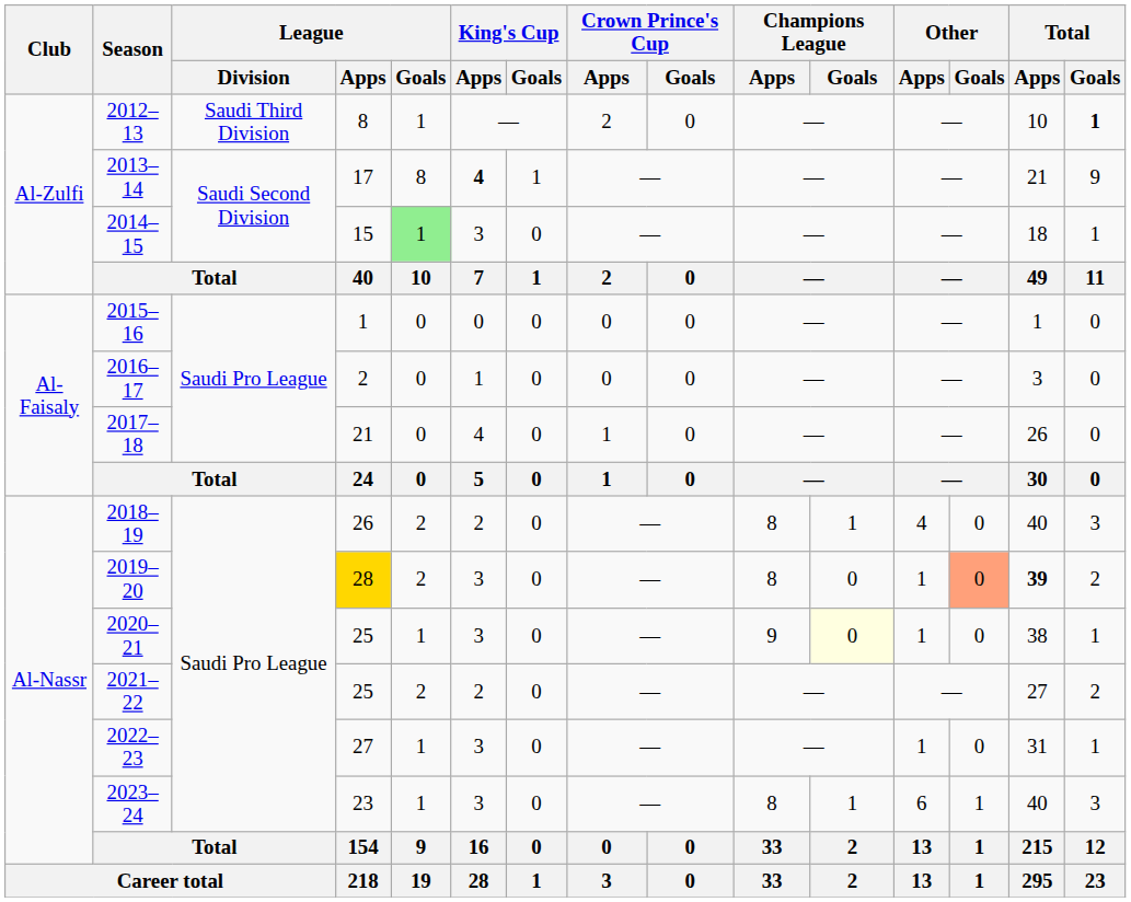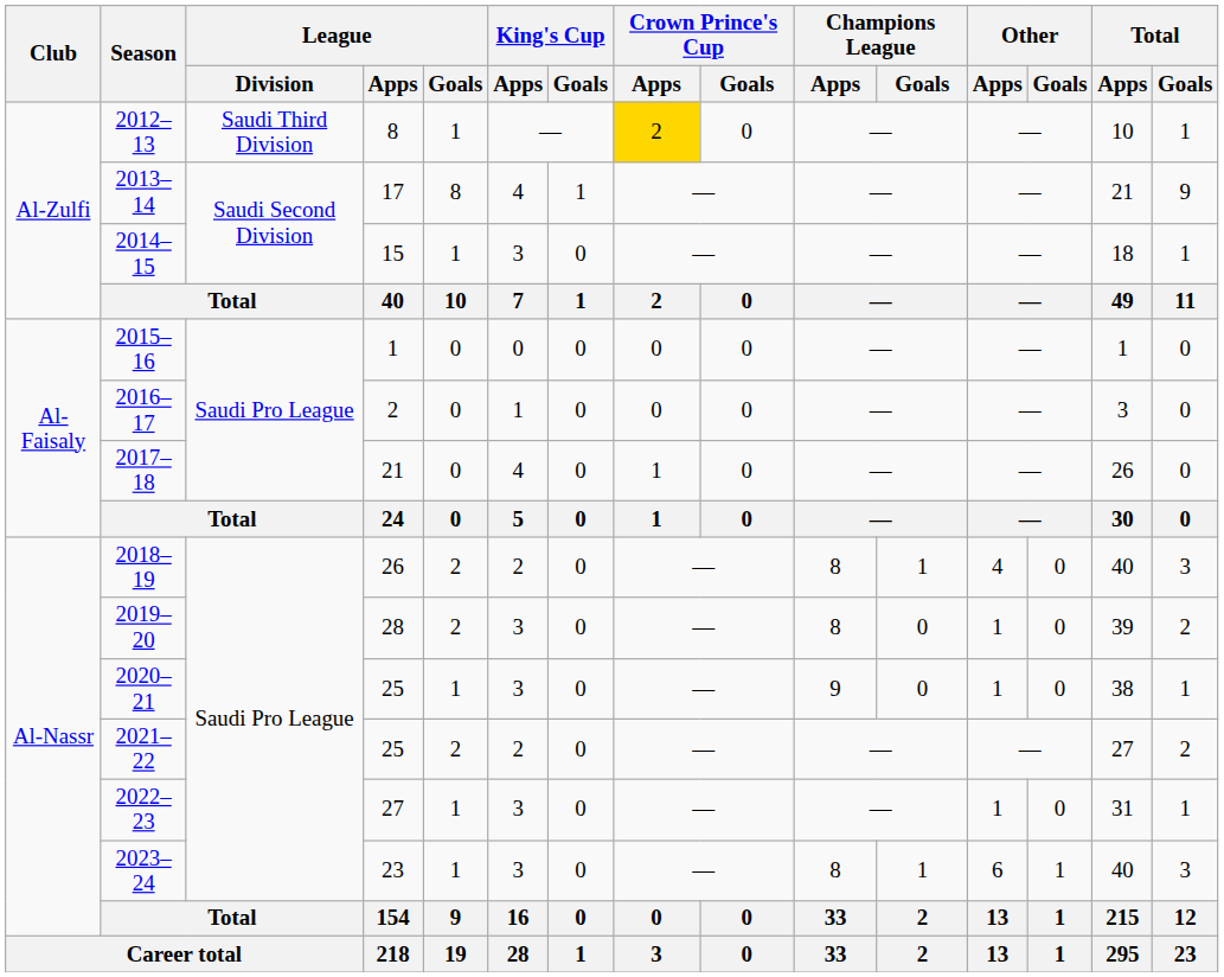 <table class=wikitable style="text-align: center;">
 <tr>
 <th rowspan=2>Club</th>
 <th rowspan=2>Season</th>
 <th colspan=3>League</th>
 <th colspan=2><a href='#'>King's Cup</a></th>
 <th colspan=2><a href='#'>Crown Prince's Cup</a></th>
 <th colspan=2>Champions League</th>
 <th colspan=2>Other</th>
 <th colspan=2>Total</th>
 </tr>
 <tr>
 <th>Division</th>
 <th>Apps</th>
 <th>Goals</th>
 <th>Apps</th>
 <th>Goals</th>
 <th>Apps</th>
 <th>Goals</th>
 <th>Apps</th>
 <th>Goals</th>
 <th>Apps</th>
 <th>Goals</th>
 <th>Apps</th>
 <th>Goals</th>
 </tr>
 <tr>
 <td rowspan=4><a href='#'>Al-Zulfi</a></td>
 <td><a href='#'>2012–13</a></td>
 <td><a href='#'>Saudi Third Division</a></td>
 <td>8</td>
 <td>1</td>
 <td colspan=2>—</td>
-<td>2</td>
+<td style="background: gold;">2</td>
 <td>0</td>
 <td colspan=2>—</td>
 <td colspan=2>—</td>
 <td>10</td>
-<td><strong>1</strong></td>
+<td>1</td>
 </tr>
 <tr>
 <td><a href='#'>2013–14</a></td>
 <td rowspan=2><a href='#'>Saudi Second Division</a></td>
 <td>17</td>
 <td>8</td>
-<td><strong>4</strong></td>
+<td>4</td>
 <td>1</td>
 <td colspan=2>—</td>
 <td colspan=2>—</td>
 <td colspan=2>—</td>
 <td>21</td>
 <td>9</td>
 </tr>
 <tr>
 <td><a href='#'>2014–15</a></td>
 <td>15</td>
-<td style="background: lightgreen;">1</td>
+<td>1</td>
 <td>3</td>
 <td>0</td>
 <td colspan=2>—</td>
 <td colspan=2>—</td>
 <td colspan=2>—</td>
 <td>18</td>
 <td>1</td>
 </tr>
 <tr>
 <th colspan=2>Total</th>
 <th>40</th>
 <th>10</th>
 <th>7</th>
 <th>1</th>
 <th>2</th>
 <th>0</th>
 <th colspan=2>—</th>
 <th colspan=2>—</th>
 <th>49</th>
 <th>11</th>
 </tr>
 <tr>
 <td rowspan=4><a href='#'>Al-Faisaly</a></td>
 <td><a href='#'>2015–16</a></td>
 <td rowspan=3><a href='#'>Saudi Pro League</a></td>
 <td>1</td>
 <td>0</td>
 <td>0</td>
 <td>0</td>
 <td>0</td>
 <td>0</td>
 <td colspan=2>—</td>
 <td colspan=2>—</td>
 <td>1</td>
 <td>0</td>
 </tr>
 <tr>
 <td><a href='#'>2016–17</a></td>
 <td>2</td>
 <td>0</td>
 <td>1</td>
 <td>0</td>
 <td>0</td>
 <td>0</td>
 <td colspan=2>—</td>
 <td colspan=2>—</td>
 <td>3</td>
 <td>0</td>
 </tr>
 <tr>
 <td><a href='#'>2017–18</a></td>
 <td>21</td>
 <td>0</td>
 <td>4</td>
 <td>0</td>
 <td>1</td>
 <td>0</td>
 <td colspan=2>—</td>
 <td colspan=2>—</td>
 <td>26</td>
 <td>0</td>
 </tr>
 <tr>
 <th colspan=2>Total</th>
 <th>24</th>
 <th>0</th>
 <th>5</th>
 <th>0</th>
 <th>1</th>
 <th>0</th>
 <th colspan=2>—</th>
 <th colspan=2>—</th>
 <th>30</th>
 <th>0</th>
 </tr>
 <tr>
 <td rowspan=7><a href='#'>Al-Nassr</a></td>
 <td><a href='#'>2018–19</a></td>
 <td rowspan=6>Saudi Pro League</td>
 <td>26</td>
 <td>2</td>
 <td>2</td>
 <td>0</td>
 <td colspan=2>—</td>
 <td>8</td>
 <td>1</td>
 <td>4</td>
 <td>0</td>
 <td>40</td>
 <td>3</td>
 </tr>
 <tr>
 <td><a href='#'>2019–20</a></td>
-<td style="background: gold;">28</td>
+<td>28</td>
 <td>2</td>
 <td>3</td>
 <td>0</td>
 <td colspan=2>—</td>
 <td>8</td>
 <td>0</td>
 <td>1</td>
-<td style="background: lightsalmon;">0</td>
-<td><strong>39</strong></td>
+<td>0</td>
+<td>39</td>
 <td>2</td>
 </tr>
 <tr>
 <td><a href='#'>2020–21</a></td>
 <td>25</td>
 <td>1</td>
 <td>3</td>
 <td>0</td>
 <td colspan=2>—</td>
 <td>9</td>
-<td style="background: lightyellow;">0</td>
+<td>0</td>
 <td>1</td>
 <td>0</td>
 <td>38</td>
 <td>1</td>
 </tr>
 <tr>
 <td><a href='#'>2021–22</a></td>
 <td>25</td>
 <td>2</td>
 <td>2</td>
 <td>0</td>
 <td colspan=2>—</td>
 <td colspan=2>—</td>
 <td colspan=2>—</td>
 <td>27</td>
 <td>2</td>
 </tr>
 <tr>
 <td><a href='#'>2022–23</a></td>
 <td>27</td>
 <td>1</td>
 <td>3</td>
 <td>0</td>
 <td colspan=2>—</td>
 <td colspan=2>—</td>
 <td>1</td>
 <td>0</td>
 <td>31</td>
 <td>1</td>
 </tr>
 <tr>
 <td><a href='#'>2023–24</a></td>
 <td>23</td>
 <td>1</td>
 <td>3</td>
 <td>0</td>
 <td colspan=2>—</td>
 <td>8</td>
 <td>1</td>
 <td>6</td>
 <td>1</td>
 <td>40</td>
 <td>3</td>
 </tr>
 <tr>
 <th colspan=2>Total</th>
 <th>154</th>
 <th>9</th>
 <th>16</th>
 <th>0</th>
 <th>0</th>
 <th>0</th>
 <th>33</th>
 <th>2</th>
 <th>13</th>
 <th>1</th>
 <th>215</th>
 <th>12</th>
 </tr>
 <tr>
 <th colspan=3>Career total</th>
 <th>218</th>
 <th>19</th>
 <th>28</th>
 <th>1</th>
 <th>3</th>
 <th>0</th>
 <th>33</th>
 <th>2</th>
 <th>13</th>
 <th>1</th>
 <th>295</th>
 <th>23</th>
 </tr>
 </table>
